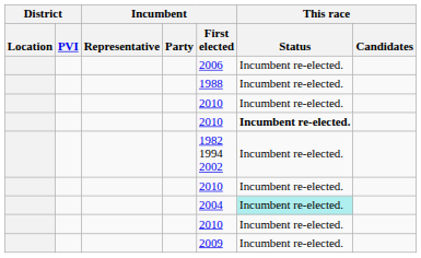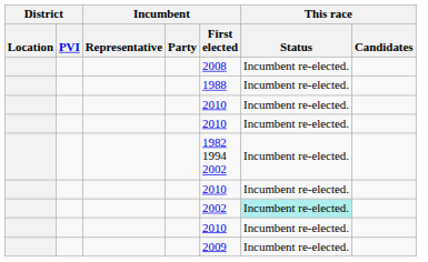 <table class="wikitable sortable">
 <tr valign=bottom>
 <th colspan=2>District</th>
 <th colspan=3>Incumbent</th>
 <th colspan=2>This race</th>
 </tr>
 <tr valign=bottom>
 <th>Location</th>
 <th><a href='#'>PVI</a></th>
 <th>Representative</th>
 <th>Party</th>
 <th>First<br>elected</th>
 <th>Status</th>
 <th>Candidates</th>
 </tr>
 <tr>
 <th></th>
 <td></td>
 <td></td>
 <td></td>
-<td><a href='#'>2006</a></td>
+<td><a href='#'>2008</a></td>
 <td>Incumbent re-elected.</td>
 <td nowrap></td>
 </tr>
 <tr>
 <th></th>
 <td></td>
 <td></td>
 <td></td>
 <td><a href='#'>1988 </a></td>
 <td>Incumbent re-elected.</td>
 <td nowrap></td>
 </tr>
 <tr>
 <th></th>
 <td></td>
 <td></td>
 <td></td>
 <td><a href='#'>2010</a></td>
 <td>Incumbent re-elected.</td>
 <td nowrap></td>
 </tr>
 <tr>
 <th></th>
 <td></td>
 <td></td>
 <td></td>
 <td><a href='#'>2010</a></td>
-<td><strong>Incumbent re-elected.</strong></td>
+<td>Incumbent re-elected.</td>
 <td nowrap></td>
 </tr>
 <tr>
 <th></th>
 <td></td>
 <td></td>
 <td></td>
 <td><a href='#'>1982</a><br>1994 <br><a href='#'>2002</a></td>
 <td>Incumbent re-elected.</td>
 <td nowrap></td>
 </tr>
 <tr>
 <th></th>
 <td></td>
 <td></td>
 <td></td>
 <td><a href='#'>2010</a></td>
 <td>Incumbent re-elected.</td>
 <td nowrap></td>
 </tr>
 <tr>
 <th></th>
 <td></td>
 <td></td>
 <td></td>
-<td><a href='#'>2004</a></td>
+<td><a href='#'>2002</a></td>
 <td style="background: paleturquoise;">Incumbent re-elected.</td>
 <td nowrap></td>
 </tr>
 <tr>
 <th></th>
 <td></td>
 <td></td>
 <td></td>
 <td><a href='#'>2010</a></td>
 <td>Incumbent re-elected.</td>
 <td nowrap></td>
 </tr>
 <tr>
 <th></th>
 <td></td>
 <td></td>
 <td></td>
 <td><a href='#'>2009</a></td>
 <td>Incumbent re-elected.</td>
 <td nowrap><br></td>
 </tr>
 </table>
